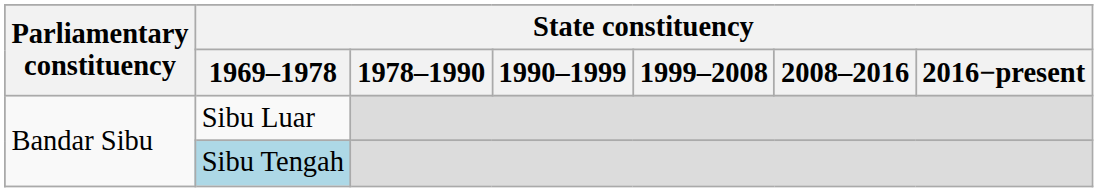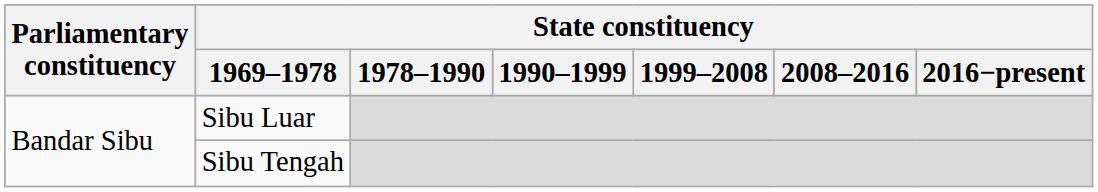 <table class="wikitable">
 <tr>
 <th rowspan="2">Parliamentary<br>constituency</th>
 <th colspan="6">State constituency</th>
 </tr>
 <tr>
 <th>1969–1978</th>
 <th>1978–1990</th>
 <th>1990–1999</th>
 <th>1999–2008</th>
 <th>2008–2016</th>
 <th>2016−present</th>
 </tr>
 <tr>
 <td rowspan="2">Bandar Sibu</td>
 <td>Sibu Luar</td>
 <td colspan="5" bgcolor="dcdcdc"></td>
 </tr>
 <tr>
-<td style="background: lightblue;">Sibu Tengah</td>
+<td>Sibu Tengah</td>
 <td colspan="5" bgcolor="dcdcdc"></td>
 </tr>
 </table>
